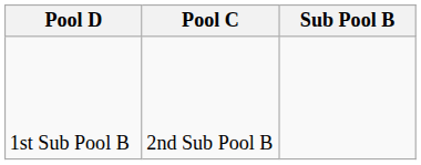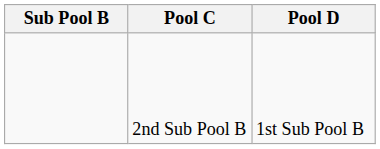 <table class="wikitable">
 <tr>
+<th width=33%>Sub Pool B</th>
+<th width=33%>Pool C</th>
 <th width=33%>Pool D</th>
-<th width=33%>Pool C</th>
-<th width=33%>Sub Pool B</th>
 </tr>
 <tr>
+<td valign=top><br><br> <br> </td>
+<td><br><br> <br> <br> 2nd Sub Pool B</td>
 <td><br><br> <br> <br> 1st Sub Pool B</td>
-<td><br><br> <br> <br> 2nd Sub Pool B</td>
-<td valign=top><br><br> <br> </td>
 </tr>
 </table>
